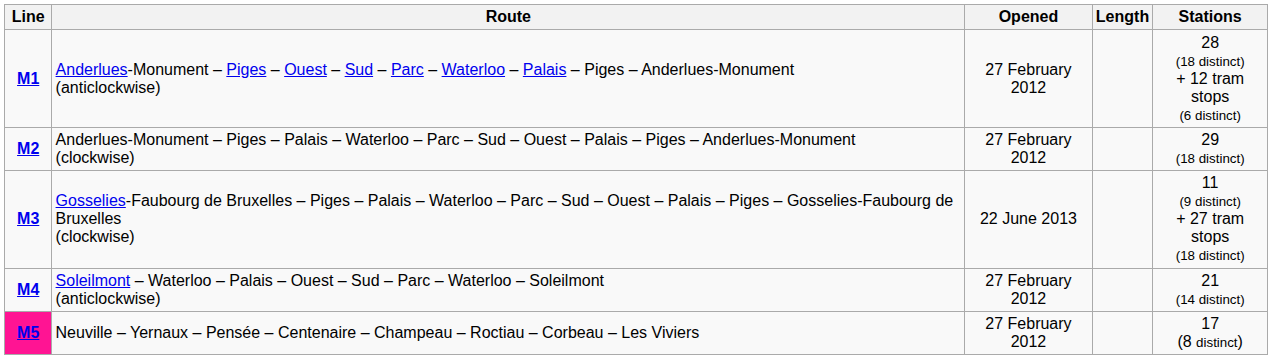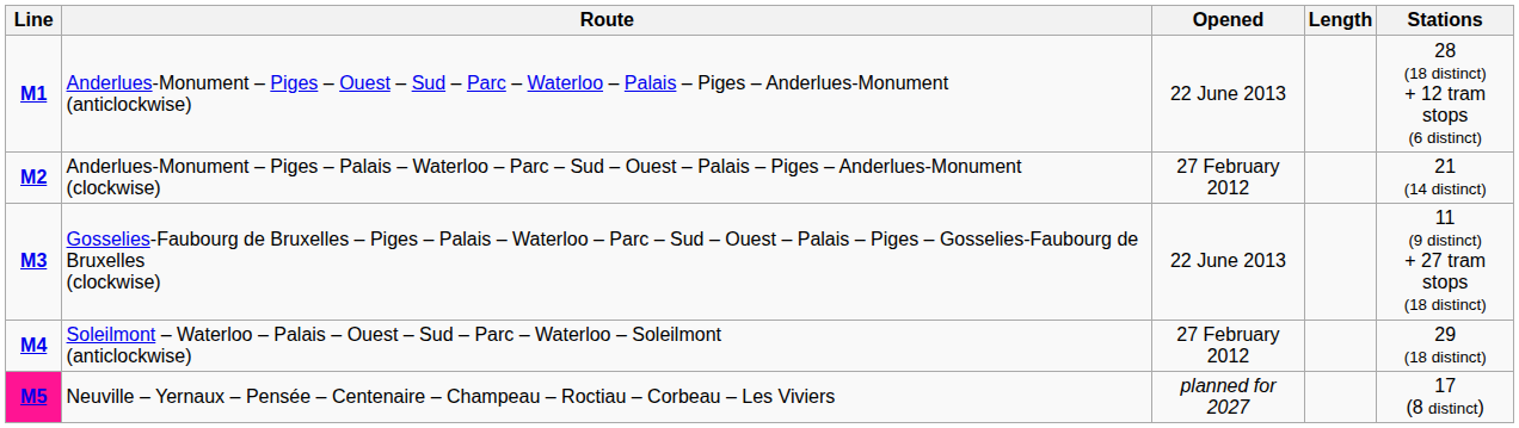 <table class="wikitable" style="margin: 2em auto 2em auto;">
 <tr>
 <th width="40px">Line</th>
 <th>Route</th>
 <th width="120px">Opened</th>
 <th>Length</th>
 <th>Stations</th>
 </tr>
 <tr>
 <td align="center" style="color:#FFFFFF;background-color:#"><a href='#'><span><strong>M1</strong></span></a></td>
 <td style="text-align:left;"><a href='#'>Anderlues</a>-Monument – <a href='#'>Piges</a> – <a href='#'>Ouest</a> – <a href='#'>Sud</a> – <a href='#'>Parc</a> – <a href='#'>Waterloo</a> – <a href='#'>Palais</a> – Piges – Anderlues-Monument<br>(anticlockwise)</td>
-<td style="text-align:center;">27 February 2012</td>
+<td style="text-align:center;">22 June 2013</td>
 <td style="text-align:center;"></td>
 <td style="text-align:center;">28<br><small>(18 distinct)</small><br>+ 12 tram stops<br><small>(6 distinct)</small></td>
 </tr>
 <tr>
 <td align="center" style="color:#FFFFFF;background-color:#"><a href='#'><span><strong>M2</strong></span></a></td>
 <td style="text-align:left;">Anderlues-Monument – Piges – Palais – Waterloo – Parc – Sud – Ouest – Palais – Piges – Anderlues-Monument<br>(clockwise)</td>
 <td style="text-align:center;">27 February 2012</td>
 <td style="text-align:center;"></td>
-<td style="text-align:center;">29<br><small>(18 distinct)</small></td>
+<td style="text-align:center;">21<br><small>(14 distinct)</small></td>
 </tr>
 <tr>
 <td align="center" style="color:#FFFFFF;background-color:#"><a href='#'><span><strong>M3</strong></span></a></td>
 <td style="text-align:left;"><a href='#'>Gosselies</a>-Faubourg de Bruxelles – Piges – Palais – Waterloo – Parc – Sud – Ouest – Palais – Piges – Gosselies-Faubourg de Bruxelles<br>(clockwise)</td>
 <td style="text-align:center;">22 June 2013</td>
 <td style="text-align:center;"></td>
 <td style="text-align:center;">11<br><small>(9 distinct)</small><br>+ 27 tram stops<br><small>(18 distinct)</small></td>
 </tr>
 <tr>
 <td align="center" style="color:#FFFFFF;background-color:#"><a href='#'><span><strong>M4</strong></span></a></td>
 <td style="text-align:left;"><a href='#'>Soleilmont</a> – Waterloo – Palais – Ouest – Sud – Parc – Waterloo – Soleilmont<br>(anticlockwise)</td>
 <td style="text-align:center;">27 February 2012</td>
 <td style="text-align:center;"></td>
-<td style="text-align:center;">21<br><small>(14 distinct)</small></td>
+<td style="text-align:center;">29<br><small>(18 distinct)</small></td>
 </tr>
 <tr>
 <td align="center" style="color:#FFFFFF;background-color:#ff1493;"><a href='#'><span><strong>M5</strong></span></a></td>
 <td>Neuville – Yernaux – Pensée – Centenaire – Champeau – Roctiau – Corbeau – Les Viviers</td>
-<td style="text-align:center;">27 February 2012</td>
+<td style="text-align:center;"><em>planned for 2027</em></td>
 <td style="text-align:center;"></td>
 <td style="text-align:center;">17<br>(8 <small>distinct</small>)</td>
 </tr>
 </table>
